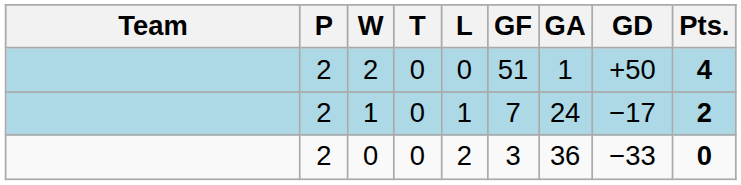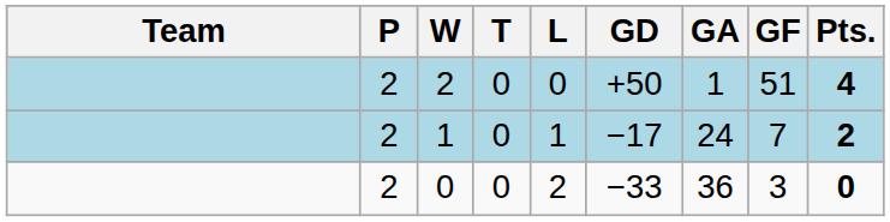 <table class="wikitable" style="margin:1em auto;">
 <tr align=center bgcolor="lightsteelblue">
 <th width=165>Team</th>
 <th width=20>P</th>
 <th width=20>W</th>
 <th width=20>T</th>
 <th width=20>L</th>
+<th width=40>GD</th>
+<th width=20>GA</th>
 <th width=20>GF</th>
-<th width=20>GA</th>
-<th width=40>GD</th>
 <th width=20>Pts.</th>
 </tr>
 <tr align=center bgcolor=lightblue>
 <td style="text-align:left;"><strong></strong></td>
 <td>2</td>
 <td>2</td>
 <td>0</td>
 <td>0</td>
+<td>+50</td>
+<td>1</td>
 <td>51</td>
-<td>1</td>
-<td>+50</td>
 <td><strong>4</strong></td>
 </tr>
 <tr align=center bgcolor=lightblue>
 <td style="text-align:left;"><strong></strong></td>
 <td>2</td>
 <td>1</td>
 <td>0</td>
 <td>1</td>
+<td>−17</td>
+<td>24</td>
 <td>7</td>
-<td>24</td>
-<td>−17</td>
 <td><strong>2</strong></td>
 </tr>
 <tr align=center>
 <td style="text-align:left;"></td>
 <td>2</td>
 <td>0</td>
 <td>0</td>
 <td>2</td>
+<td>−33</td>
+<td>36</td>
 <td>3</td>
-<td>36</td>
-<td>−33</td>
 <td><strong>0</strong></td>
 </tr>
 </table>
